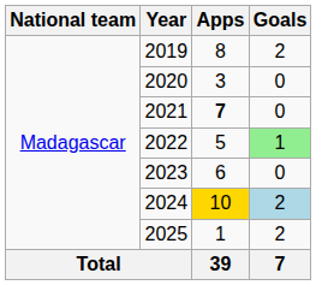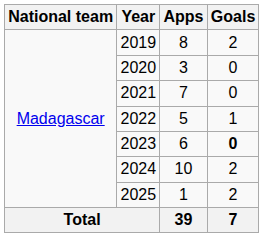 <table class="wikitable" style="text-align:center">
 <tr>
 <th>National team</th>
 <th>Year</th>
 <th>Apps</th>
 <th>Goals</th>
 </tr>
 <tr>
 <td rowspan="7"><a href='#'>Madagascar</a></td>
 <td>2019</td>
 <td>8</td>
 <td>2</td>
 </tr>
 <tr>
 <td>2020</td>
 <td>3</td>
 <td>0</td>
 </tr>
 <tr>
 <td>2021</td>
-<td><strong>7</strong></td>
+<td>7</td>
 <td>0</td>
 </tr>
 <tr>
 <td>2022</td>
 <td>5</td>
-<td style="background: lightgreen;">1</td>
+<td>1</td>
 </tr>
 <tr>
 <td>2023</td>
 <td>6</td>
-<td>0</td>
+<td><strong>0</strong></td>
 </tr>
 <tr>
 <td>2024</td>
-<td style="background: gold;">10</td>
-<td style="background: lightblue;">2</td>
+<td>10</td>
+<td>2</td>
 </tr>
 <tr>
 <td>2025</td>
 <td>1</td>
 <td>2</td>
 </tr>
 <tr>
 <th colspan="2">Total</th>
 <th>39</th>
 <th>7</th>
 </tr>
 </table>
